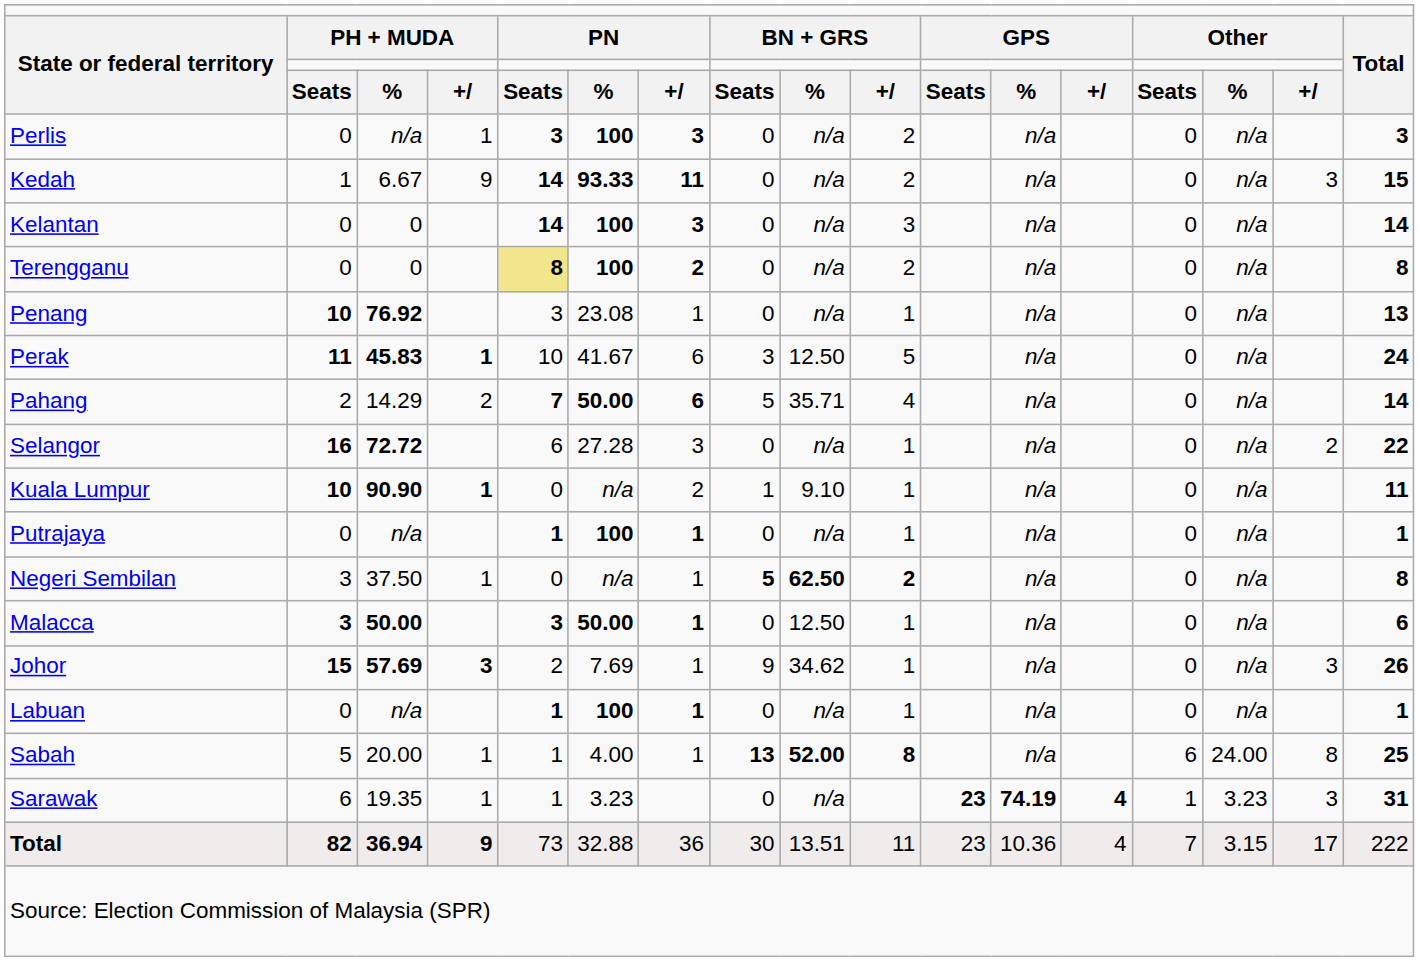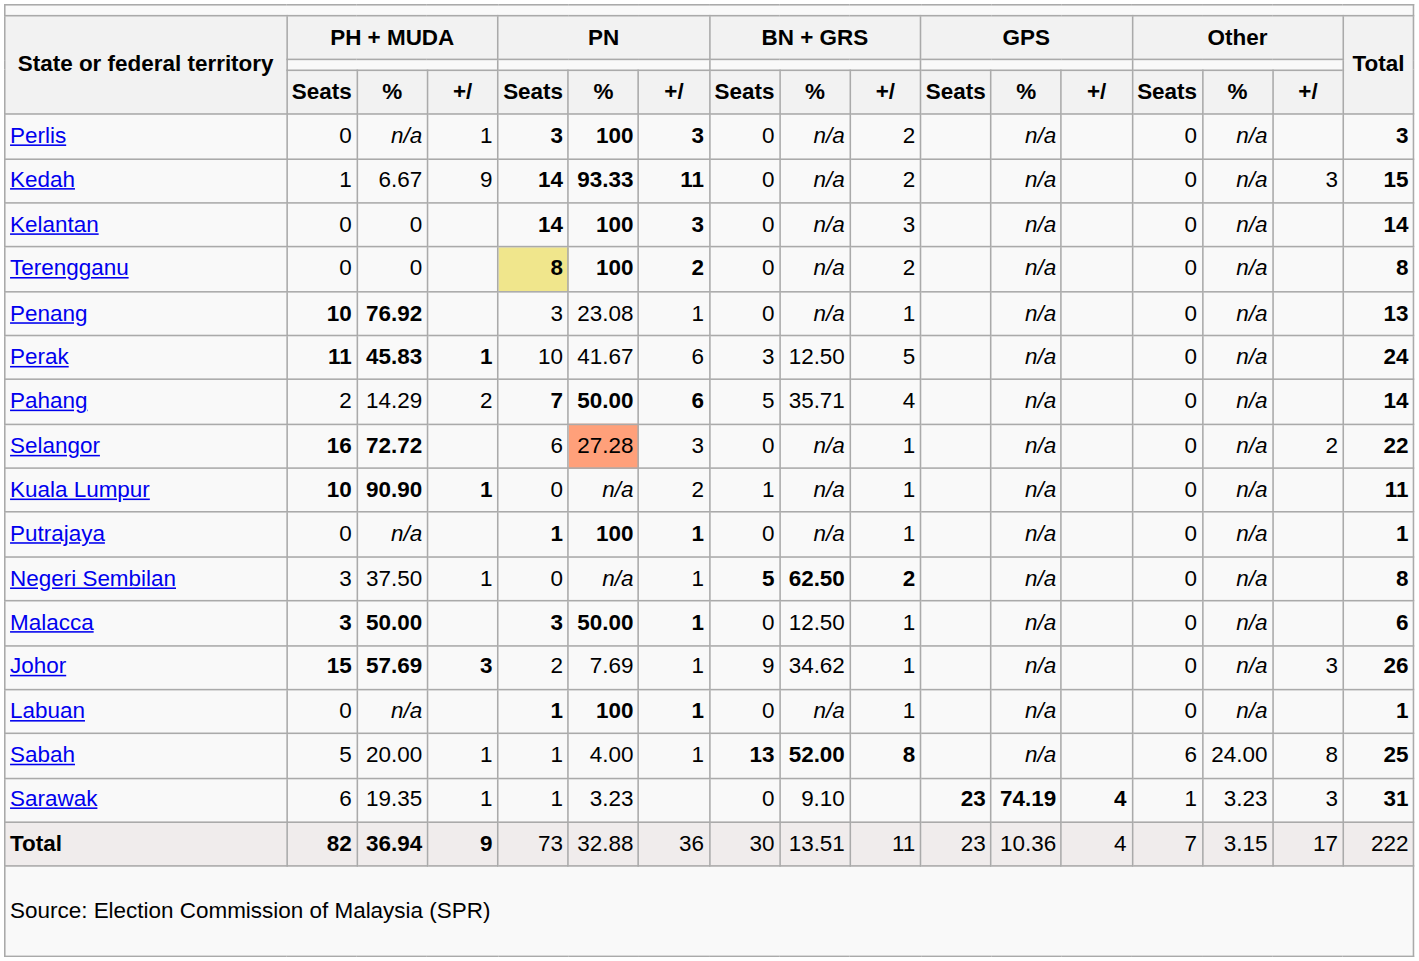 <table class="wikitable unsortable" style="text-align:right;font-size:90%;line-height:1.5">
 <tr>
 <td colspan="17" style="text-align:center;"></td>
 </tr>
 <tr>
 <th colspan="1" rowspan="3">State or federal territory</th>
 <th colspan="3">PH + MUDA</th>
 <th colspan="3">PN</th>
 <th colspan="3">BN + GRS</th>
 <th colspan="3">GPS</th>
 <th colspan="3">Other</th>
 <th rowspan="3" style="width:5%;">Total</th>
 </tr>
 <tr>
 <td colspan="3"></td>
 <td colspan="3"></td>
 <td colspan="3"></td>
 <td colspan="3"></td>
 <td colspan="3"></td>
 </tr>
 <tr>
 <th style="width:5%;">Seats</th>
 <th style="width:5%;">%</th>
 <th style="width:5%;">+/</th>
 <th style="width:5%;">Seats</th>
 <th style="width:5%;">%</th>
 <th style="width:5%;">+/</th>
 <th style="width:5%;">Seats</th>
 <th style="width:5%;">%</th>
 <th style="width:5%;">+/</th>
 <th style="width:5%;">Seats</th>
 <th style="width:5%;">%</th>
 <th style="width:5%;">+/</th>
 <th style="width:5%;">Seats</th>
 <th style="width:5%;">%</th>
 <th style="width:5%;">+/</th>
 </tr>
 <tr>
 <td style="text-align:left;"> <a href='#'>Perlis</a></td>
 <td>0</td>
 <td><em>n/a</em></td>
 <td> 1</td>
 <td><strong>3</strong></td>
 <td><strong>100</strong></td>
 <td><strong> 3</strong></td>
 <td>0</td>
 <td><em>n/a</em></td>
 <td> 2</td>
 <td></td>
 <td><em>n/a</em></td>
 <td></td>
 <td>0</td>
 <td><em>n/a</em></td>
 <td></td>
 <td><strong>3</strong></td>
 </tr>
 <tr>
 <td style="text-align:left;"> <a href='#'>Kedah</a></td>
 <td>1</td>
 <td>6.67</td>
 <td> 9</td>
 <td><strong>14</strong></td>
 <td><strong>93.33</strong></td>
 <td><strong> 11</strong></td>
 <td>0</td>
 <td><em>n/a</em></td>
 <td> 2</td>
 <td></td>
 <td><em>n/a</em></td>
 <td></td>
 <td>0</td>
 <td><em>n/a</em></td>
 <td> 3</td>
 <td><strong>15</strong></td>
 </tr>
 <tr>
 <td style="text-align:left;"> <a href='#'>Kelantan</a></td>
 <td>0</td>
 <td>0</td>
 <td></td>
 <td><strong>14</strong></td>
 <td><strong>100</strong></td>
 <td><strong> 3</strong></td>
 <td>0</td>
 <td><em>n/a</em></td>
 <td> 3</td>
 <td></td>
 <td><em>n/a</em></td>
 <td></td>
 <td>0</td>
 <td><em>n/a</em></td>
 <td></td>
 <td><strong>14</strong></td>
 </tr>
 <tr>
 <td style="text-align:left;"> <a href='#'>Terengganu</a></td>
 <td>0</td>
 <td>0</td>
 <td></td>
 <td style="background: khaki;"><strong>8</strong></td>
 <td><strong>100</strong></td>
 <td><strong> 2</strong></td>
 <td>0</td>
 <td><em>n/a</em></td>
 <td> 2</td>
 <td></td>
 <td><em>n/a</em></td>
 <td></td>
 <td>0</td>
 <td><em>n/a</em></td>
 <td></td>
 <td><strong>8</strong></td>
 </tr>
 <tr>
 <td style="text-align:left;"> <a href='#'>Penang</a></td>
 <td><strong>10</strong></td>
 <td><strong>76.92</strong></td>
 <td><strong></strong></td>
 <td>3</td>
 <td>23.08</td>
 <td> 1</td>
 <td>0</td>
 <td><em>n/a</em></td>
 <td> 1</td>
 <td></td>
 <td><em>n/a</em></td>
 <td></td>
 <td>0</td>
 <td><em>n/a</em></td>
 <td></td>
 <td><strong>13</strong></td>
 </tr>
 <tr>
 <td style="text-align:left;"> <a href='#'>Perak</a></td>
 <td><strong>11</strong></td>
 <td><strong>45.83</strong></td>
 <td><strong> 1</strong></td>
 <td>10</td>
 <td>41.67</td>
 <td> 6</td>
 <td>3</td>
 <td>12.50</td>
 <td> 5</td>
 <td></td>
 <td><em>n/a</em></td>
 <td></td>
 <td>0</td>
 <td><em>n/a</em></td>
 <td></td>
 <td><strong>24</strong></td>
 </tr>
 <tr>
 <td style="text-align:left;"> <a href='#'>Pahang</a></td>
 <td>2</td>
 <td>14.29</td>
 <td> 2</td>
 <td><strong>7</strong></td>
 <td><strong>50.00</strong></td>
 <td><strong> 6</strong></td>
 <td>5</td>
 <td>35.71</td>
 <td> 4</td>
 <td></td>
 <td><em>n/a</em></td>
 <td></td>
 <td>0</td>
 <td><em>n/a</em></td>
 <td></td>
 <td><strong>14</strong></td>
 </tr>
 <tr>
 <td style="text-align:left;"> <a href='#'>Selangor</a></td>
 <td><strong>16</strong></td>
 <td><strong>72.72</strong></td>
 <td><strong></strong></td>
 <td>6</td>
-<td>27.28</td>
+<td style="background: lightsalmon;">27.28</td>
 <td> 3</td>
 <td>0</td>
 <td><em>n/a</em></td>
 <td> 1</td>
 <td></td>
 <td><em>n/a</em></td>
 <td></td>
 <td>0</td>
 <td><em>n/a</em></td>
 <td> 2</td>
 <td><strong>22</strong></td>
 </tr>
 <tr>
 <td style="text-align:left;"> <a href='#'>Kuala Lumpur</a></td>
 <td><strong>10</strong></td>
 <td><strong>90.90</strong></td>
 <td><strong> 1</strong></td>
 <td>0</td>
 <td><em>n/a</em></td>
 <td> 2</td>
 <td>1</td>
-<td>9.10</td>
+<td><em>n/a</em></td>
 <td> 1</td>
 <td></td>
 <td><em>n/a</em></td>
 <td></td>
 <td>0</td>
 <td><em>n/a</em></td>
 <td></td>
 <td><strong>11</strong></td>
 </tr>
 <tr>
 <td style="text-align:left;"> <a href='#'>Putrajaya</a></td>
 <td>0</td>
 <td><em>n/a</em></td>
 <td></td>
 <td><strong>1</strong></td>
 <td><strong>100</strong></td>
 <td><strong> 1</strong></td>
 <td>0</td>
 <td><em>n/a</em></td>
 <td> 1</td>
 <td></td>
 <td><em>n/a</em></td>
 <td></td>
 <td>0</td>
 <td><em>n/a</em></td>
 <td></td>
 <td><strong>1</strong></td>
 </tr>
 <tr>
 <td style="text-align:left;"> <a href='#'>Negeri Sembilan</a></td>
 <td>3</td>
 <td>37.50</td>
 <td> 1</td>
 <td>0</td>
 <td><em>n/a</em></td>
 <td> 1</td>
 <td><strong>5</strong></td>
 <td><strong>62.50</strong></td>
 <td><strong> 2</strong></td>
 <td></td>
 <td><em>n/a</em></td>
 <td></td>
 <td>0</td>
 <td><em>n/a</em></td>
 <td></td>
 <td><strong>8</strong></td>
 </tr>
 <tr>
 <td style="text-align:left;"> <a href='#'>Malacca</a></td>
 <td><strong>3</strong></td>
 <td><strong>50.00</strong></td>
 <td><strong></strong></td>
 <td><strong>3</strong></td>
 <td><strong>50.00</strong></td>
 <td><strong> 1</strong></td>
 <td>0</td>
 <td>12.50</td>
 <td> 1</td>
 <td></td>
 <td><em>n/a</em></td>
 <td></td>
 <td>0</td>
 <td><em>n/a</em></td>
 <td></td>
 <td><strong>6</strong></td>
 </tr>
 <tr>
 <td style="text-align:left;"> <a href='#'>Johor</a></td>
 <td><strong>15</strong></td>
 <td><strong>57.69</strong></td>
 <td><strong> 3</strong></td>
 <td>2</td>
 <td>7.69</td>
 <td> 1</td>
 <td>9</td>
 <td>34.62</td>
 <td> 1</td>
 <td></td>
 <td><em>n/a</em></td>
 <td></td>
 <td>0</td>
 <td><em>n/a</em></td>
 <td> 3</td>
 <td><strong>26</strong></td>
 </tr>
 <tr>
 <td style="text-align:left;"> <a href='#'>Labuan</a></td>
 <td>0</td>
 <td><em>n/a</em></td>
 <td></td>
 <td><strong>1</strong></td>
 <td><strong>100</strong></td>
 <td><strong> 1</strong></td>
 <td>0</td>
 <td><em>n/a</em></td>
 <td> 1</td>
 <td></td>
 <td><em>n/a</em></td>
 <td></td>
 <td>0</td>
 <td><em>n/a</em></td>
 <td></td>
 <td><strong>1</strong></td>
 </tr>
 <tr>
 <td style="text-align:left;"> <a href='#'>Sabah</a></td>
 <td>5</td>
 <td>20.00</td>
 <td> 1</td>
 <td>1</td>
 <td>4.00</td>
 <td> 1</td>
 <td><strong>13</strong></td>
 <td><strong>52.00</strong></td>
 <td><strong> 8</strong></td>
 <td></td>
 <td><em>n/a</em></td>
 <td></td>
 <td>6</td>
 <td>24.00</td>
 <td> 8</td>
 <td><strong>25</strong></td>
 </tr>
 <tr>
 <td style="text-align:left;"> <a href='#'>Sarawak</a></td>
 <td>6</td>
 <td>19.35</td>
 <td> 1</td>
 <td>1</td>
 <td>3.23</td>
 <td></td>
 <td>0</td>
-<td><em>n/a</em></td>
+<td>9.10</td>
 <td></td>
 <td><strong>23</strong></td>
 <td><strong>74.19</strong></td>
 <td><strong> 4</strong></td>
 <td>1</td>
 <td>3.23</td>
 <td> 3</td>
 <td><strong>31</strong></td>
 </tr>
 <tr>
 <td style="text-align:left;" bgcolor="#f0ecec"><strong>Total</strong></td>
 <td style="text-align:right;" bgcolor="#f0ecec"><strong>82</strong></td>
 <td style="text-align:right;" bgcolor="#f0ecec"><strong>36.94</strong></td>
 <td bgcolor="#f0ecec"><strong> 9</strong></td>
 <td style="text-align:right;" bgcolor="#f0ecec">73</td>
 <td style="text-align:right;" bgcolor="#f0ecec">32.88</td>
 <td bgcolor="#f0ecec"> 36</td>
 <td style="text-align:right;" bgcolor="#f0ecec">30</td>
 <td style="text-align:right;" bgcolor="#f0ecec">13.51</td>
 <td bgcolor="#f0ecec"> 11</td>
 <td style="text-align:right;" bgcolor="#f0ecec">23</td>
 <td style="text-align:right;" bgcolor="#f0ecec">10.36</td>
 <td bgcolor="#f0ecec"> 4</td>
 <td style="text-align:right;" bgcolor="#f0ecec">7</td>
 <td style="text-align:right;" bgcolor="#f0ecec">3.15</td>
 <td bgcolor="#f0ecec"> 17</td>
 <td style="text-align:right;" bgcolor="#f0ecec">222</td>
 </tr>
 <tr>
 <td colspan="17" style="text-align:left;line-height:3.5">Source: Election Commission of Malaysia (SPR)</td>
 </tr>
 </table>
